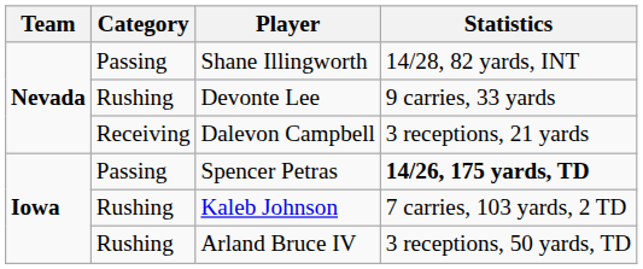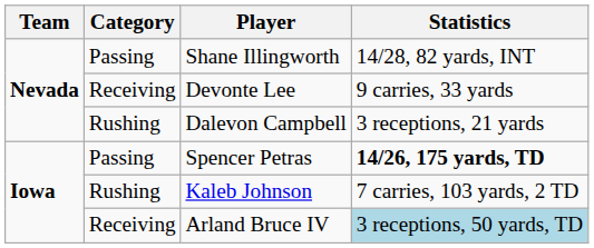 <table class="wikitable" style="float: left;">
 <tr>
 <th>Team</th>
 <th>Category</th>
 <th>Player</th>
 <th>Statistics</th>
 </tr>
 <tr>
 <td rowspan=3><strong>Nevada</strong></td>
 <td>Passing</td>
 <td>Shane Illingworth</td>
 <td>14/28, 82 yards, INT</td>
 </tr>
 <tr>
-<td>Rushing</td>
+<td>Receiving</td>
 <td>Devonte Lee</td>
 <td>9 carries, 33 yards</td>
 </tr>
 <tr>
-<td>Receiving</td>
+<td>Rushing</td>
 <td>Dalevon Campbell</td>
 <td>3 receptions, 21 yards</td>
 </tr>
 <tr>
 <td rowspan=3><strong>Iowa</strong></td>
 <td>Passing</td>
 <td>Spencer Petras</td>
 <td><strong>14/26, 175 yards, TD</strong></td>
 </tr>
 <tr>
 <td>Rushing</td>
 <td><a href='#'>Kaleb Johnson</a></td>
 <td>7 carries, 103 yards, 2 TD</td>
 </tr>
 <tr>
-<td>Rushing</td>
+<td>Receiving</td>
 <td>Arland Bruce IV</td>
-<td>3 receptions, 50 yards, TD</td>
+<td style="background: lightblue;">3 receptions, 50 yards, TD</td>
 </tr>
 </table>
